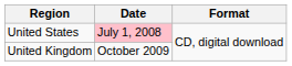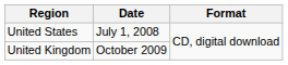 <table class="wikitable">
 <tr>
 <th>Region</th>
 <th>Date</th>
 <th>Format</th>
 </tr>
 <tr>
 <td>United States</td>
-<td style="background: pink;">July 1, 2008</td>
+<td>July 1, 2008</td>
 <td rowspan="2">CD, digital download</td>
 </tr>
 <tr>
 <td>United Kingdom</td>
 <td>October 2009</td>
 </tr>
 </table>
